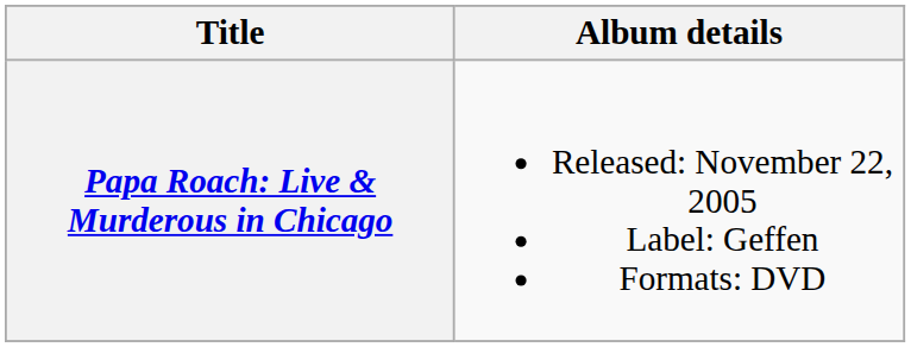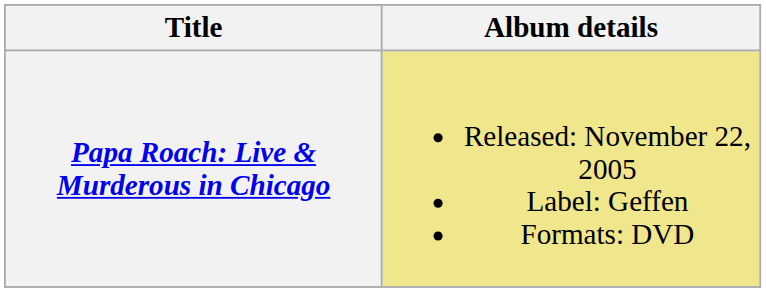 <table class="wikitable plainrowheaders" style="text-align:center;">
 <tr>
 <th width="200">Title</th>
 <th width="200">Album details</th>
 </tr>
 <tr>
 <th scope="row"><em><a href='#'>Papa Roach: Live & Murderous in Chicago</a></em></th>
-<td><br><ul><li>Released: November 22, 2005</li><li>Label: Geffen</li><li>Formats: DVD</li></ul></td>
+<td style="background: khaki;"><br><ul><li>Released: November 22, 2005</li><li>Label: Geffen</li><li>Formats: DVD</li></ul></td>
 </tr>
 </table>
